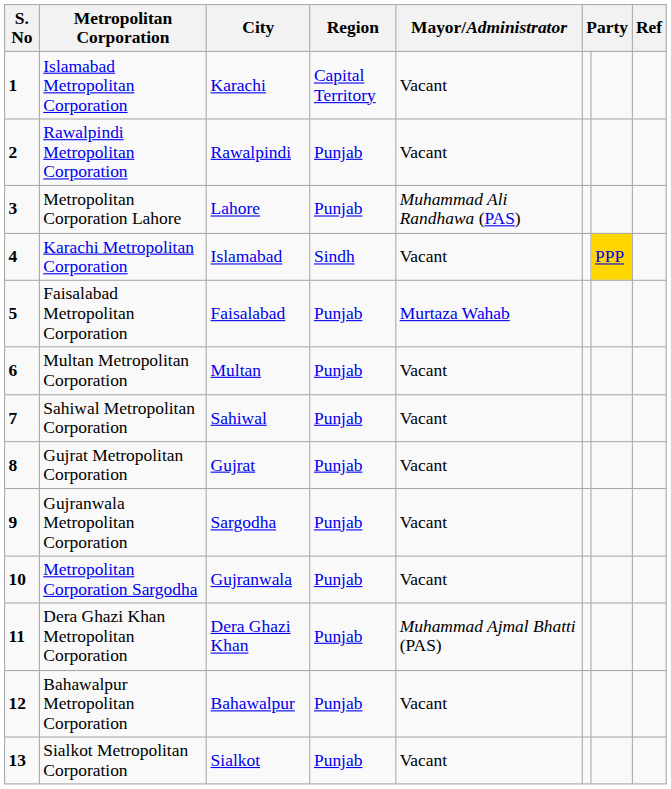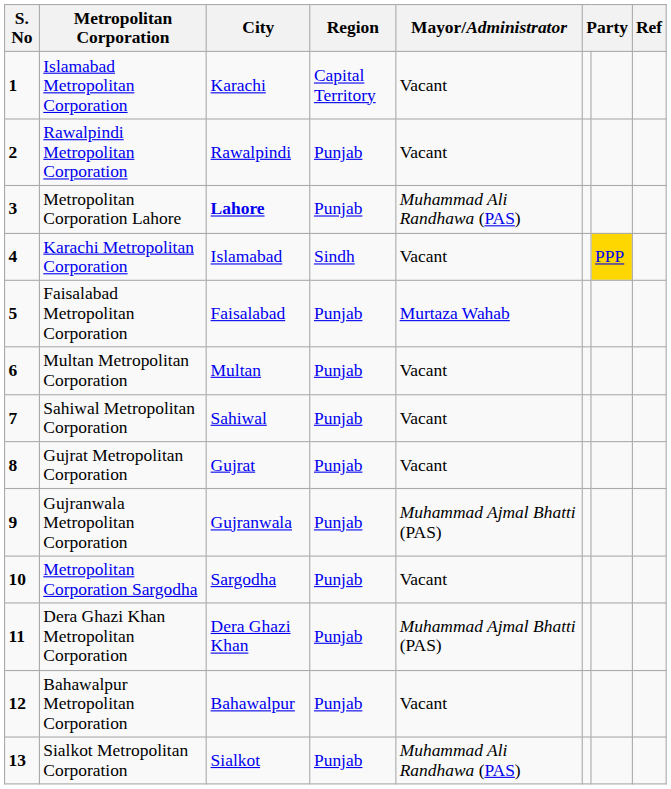 <table class="wikitable">
 <tr>
 <th>S. No</th>
 <th>Metropolitan Corporation</th>
 <th>City</th>
 <th>Region</th>
 <th>Mayor/<em>Administrator</em></th>
 <th colspan="2">Party</th>
 <th>Ref</th>
 </tr>
 <tr>
 <td><strong>1</strong></td>
 <td><a href='#'>Islamabad Metropolitan Corporation</a></td>
 <td><a href='#'>Karachi</a></td>
 <td><a href='#'>Capital Territory</a></td>
 <td>Vacant</td>
 <td></td>
 <td></td>
 <td></td>
 </tr>
 <tr>
 <td><strong>2</strong></td>
 <td><a href='#'>Rawalpindi Metropolitan Corporation</a></td>
 <td><a href='#'>Rawalpindi</a></td>
 <td><a href='#'>Punjab</a></td>
 <td>Vacant</td>
 <td></td>
 <td></td>
 <td></td>
 </tr>
 <tr>
 <td><strong>3</strong></td>
 <td>Metropolitan Corporation Lahore</td>
-<td><a href='#'>Lahore</a></td>
+<td><strong><a href='#'>Lahore</a></strong></td>
 <td><a href='#'>Punjab</a></td>
 <td><em>Muhammad Ali Randhawa</em> (<a href='#'>PAS</a>)</td>
 <td></td>
 <td></td>
 <td></td>
 </tr>
 <tr>
 <td><strong>4</strong></td>
 <td><a href='#'>Karachi Metropolitan Corporation</a></td>
 <td><a href='#'>Islamabad</a></td>
 <td><a href='#'>Sindh</a></td>
 <td>Vacant</td>
 <td></td>
 <td style="background: gold;"><a href='#'>PPP</a></td>
 <td></td>
 </tr>
 <tr>
 <td><strong>5</strong></td>
 <td>Faisalabad Metropolitan Corporation</td>
 <td><a href='#'>Faisalabad</a></td>
 <td><a href='#'>Punjab</a></td>
 <td><a href='#'>Murtaza Wahab</a></td>
 <td></td>
 <td></td>
 <td></td>
 </tr>
 <tr>
 <td><strong>6</strong></td>
 <td>Multan Metropolitan Corporation</td>
 <td><a href='#'>Multan</a></td>
 <td><a href='#'>Punjab</a></td>
 <td>Vacant</td>
 <td></td>
 <td></td>
 <td></td>
 </tr>
 <tr>
 <td><strong>7</strong></td>
 <td>Sahiwal Metropolitan Corporation</td>
 <td><a href='#'>Sahiwal</a></td>
 <td><a href='#'>Punjab</a></td>
 <td>Vacant</td>
 <td></td>
 <td></td>
 <td></td>
 </tr>
 <tr>
 <td><strong>8</strong></td>
 <td>Gujrat Metropolitan Corporation</td>
 <td><a href='#'>Gujrat</a></td>
 <td><a href='#'>Punjab</a></td>
 <td>Vacant</td>
 <td></td>
 <td></td>
 <td></td>
 </tr>
 <tr>
 <td><strong>9</strong></td>
 <td>Gujranwala Metropolitan Corporation</td>
-<td><a href='#'>Sargodha</a></td>
+<td><a href='#'>Gujranwala</a></td>
 <td><a href='#'>Punjab</a></td>
-<td>Vacant</td>
+<td><em>Muhammad Ajmal Bhatti</em> (PAS)</td>
 <td></td>
 <td></td>
 <td></td>
 </tr>
 <tr>
 <td><strong>10</strong></td>
 <td><a href='#'>Metropolitan Corporation Sargodha</a></td>
-<td><a href='#'>Gujranwala</a></td>
+<td><a href='#'>Sargodha</a></td>
 <td><a href='#'>Punjab</a></td>
 <td>Vacant</td>
 <td></td>
 <td></td>
 <td></td>
 </tr>
 <tr>
 <td><strong>11</strong></td>
 <td>Dera Ghazi Khan Metropolitan Corporation</td>
 <td><a href='#'>Dera Ghazi Khan</a></td>
 <td><a href='#'>Punjab</a></td>
 <td><em>Muhammad Ajmal Bhatti</em> (PAS)</td>
 <td></td>
 <td></td>
 <td></td>
 </tr>
 <tr>
 <td><strong>12</strong></td>
 <td>Bahawalpur Metropolitan Corporation</td>
 <td><a href='#'>Bahawalpur</a></td>
 <td><a href='#'>Punjab</a></td>
 <td>Vacant</td>
 <td></td>
 <td></td>
 <td></td>
 </tr>
 <tr>
 <td><strong>13</strong></td>
 <td>Sialkot Metropolitan Corporation</td>
 <td><a href='#'>Sialkot</a></td>
 <td><a href='#'>Punjab</a></td>
-<td>Vacant</td>
+<td><em>Muhammad Ali Randhawa</em> (<a href='#'>PAS</a>)</td>
 <td></td>
 <td></td>
 <td></td>
 </tr>
 </table>
